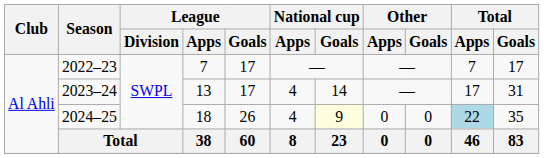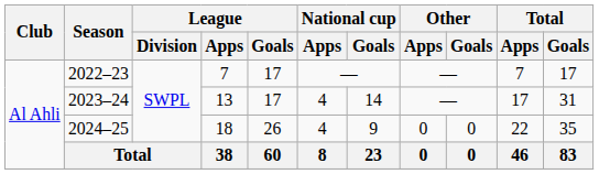 <table class="wikitable" style="text-align:center">
 <tr>
 <th rowspan="2">Club</th>
 <th rowspan="2">Season</th>
 <th colspan="3">League</th>
 <th colspan="2">National cup</th>
 <th colspan="2">Other</th>
 <th colspan="2">Total</th>
 </tr>
 <tr>
 <th>Division</th>
 <th>Apps</th>
 <th>Goals</th>
 <th>Apps</th>
 <th>Goals</th>
 <th>Apps</th>
 <th>Goals</th>
 <th>Apps</th>
 <th>Goals</th>
 </tr>
 <tr>
 <td rowspan="4"><a href='#'>Al Ahli</a></td>
 <td>2022–23</td>
 <td rowspan="3"><a href='#'>SWPL</a></td>
 <td>7</td>
 <td>17</td>
 <td colspan="2">—</td>
 <td colspan="2">—</td>
 <td>7</td>
 <td>17</td>
 </tr>
 <tr>
 <td>2023–24</td>
 <td>13</td>
 <td>17</td>
 <td>4</td>
 <td>14</td>
 <td colspan="2">—</td>
 <td>17</td>
 <td>31</td>
 </tr>
 <tr>
 <td>2024–25</td>
 <td>18</td>
 <td>26</td>
 <td>4</td>
-<td style="background: lightyellow;">9</td>
+<td>9</td>
 <td>0</td>
 <td>0</td>
-<td style="background: lightblue;">22</td>
+<td>22</td>
 <td>35</td>
 </tr>
 <tr>
 <th colspan="2">Total</th>
 <th>38</th>
 <th>60</th>
 <th>8</th>
 <th>23</th>
 <th>0</th>
 <th>0</th>
 <th>46</th>
 <th>83</th>
 </tr>
 <tr>
 </tr>
 </table>
